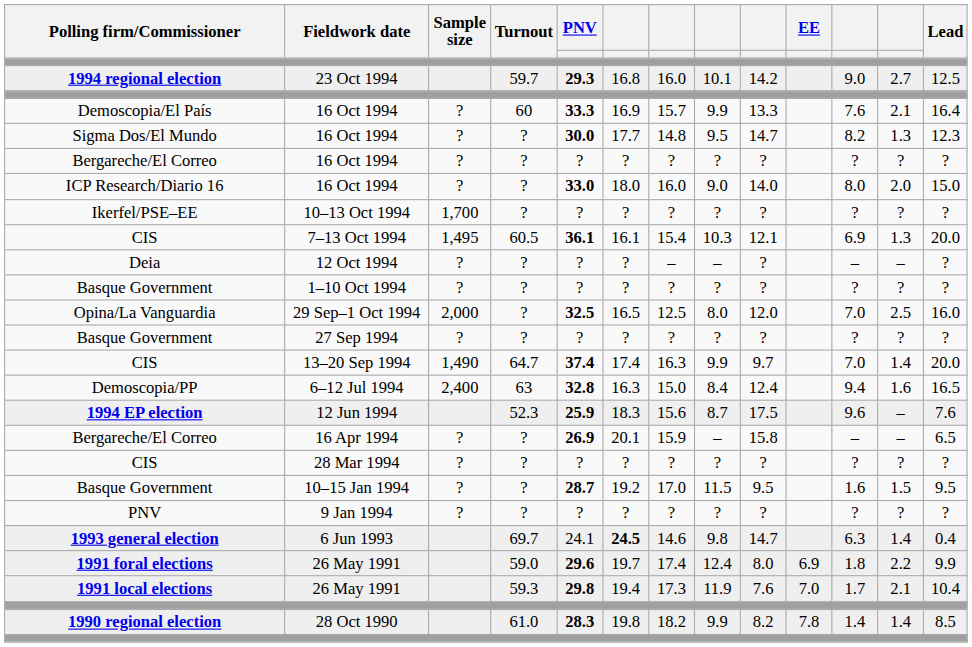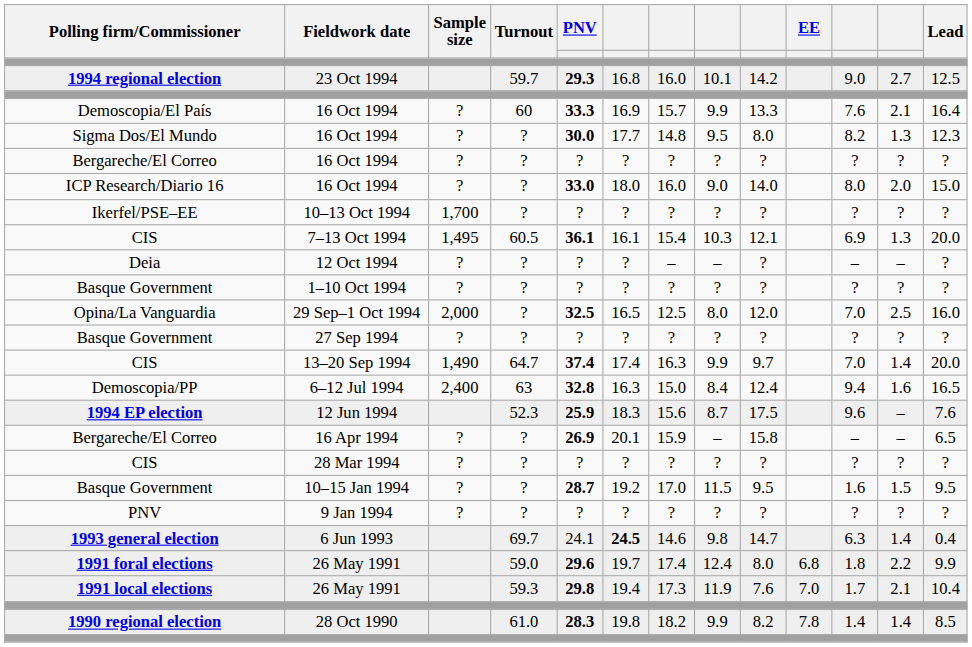 <table class="wikitable collapsible collapsed" style="text-align:center; font-size:95%; line-height:16px;">
 <tr style="height:42px;">
 <th style="width:250px;" rowspan="2">Polling firm/Commissioner</th>
 <th style="width:125px;" rowspan="2">Fieldwork date</th>
 <th style="width:50px;" rowspan="2">Sample size</th>
 <th style="width:45px;" rowspan="2">Turnout</th>
 <th style="width:35px;"><a href='#'>PNV</a></th>
 <th style="width:35px;"></th>
 <th style="width:35px;"></th>
 <th style="width:35px;"></th>
 <th style="width:35px;"></th>
 <th style="width:35px;"><a href='#'>EE</a></th>
 <th style="width:35px;"></th>
 <th style="width:35px;"></th>
 <th style="width:30px;" rowspan="2">Lead</th>
 </tr>
 <tr>
 <th style="color:inherit;background:"></th>
 <th style="color:inherit;background:"></th>
 <th style="color:inherit;background:"></th>
 <th style="color:inherit;background:"></th>
 <th style="color:inherit;background:"></th>
 <th style="color:inherit;background:"></th>
 <th style="color:inherit;background:"></th>
 <th style="color:inherit;background:"></th>
 </tr>
 <tr>
 <td colspan="13" style="background:#A0A0A0"></td>
 </tr>
 <tr style="background:#EFEFEF;">
 <td><strong><a href='#'>1994 regional election</a></strong></td>
 <td>23 Oct 1994</td>
 <td></td>
 <td>59.7</td>
 <td><strong>29.3</strong><br></td>
 <td>16.8<br></td>
 <td>16.0<br></td>
 <td>10.1<br></td>
 <td>14.2<br></td>
 <td></td>
 <td>9.0<br></td>
 <td>2.7<br></td>
 <td style="background:">12.5</td>
 </tr>
 <tr>
 <td colspan="13" style="background:#A0A0A0"></td>
 </tr>
 <tr>
 <td>Demoscopia/El País</td>
 <td>16 Oct 1994</td>
 <td>?</td>
 <td>60</td>
 <td><strong>33.3</strong><br></td>
 <td>16.9<br></td>
 <td>15.7<br></td>
 <td>9.9<br></td>
 <td>13.3<br></td>
 <td></td>
 <td>7.6<br></td>
 <td>2.1<br></td>
 <td style="background:">16.4</td>
 </tr>
 <tr>
 <td>Sigma Dos/El Mundo</td>
 <td>16 Oct 1994</td>
 <td>?</td>
 <td>?</td>
 <td><strong>30.0</strong><br></td>
 <td>17.7<br></td>
 <td>14.8<br></td>
 <td>9.5<br></td>
-<td>14.7<br></td>
+<td>8.0<br></td>
 <td></td>
 <td>8.2<br></td>
 <td>1.3<br></td>
 <td style="background:">12.3</td>
 </tr>
 <tr>
 <td>Bergareche/El Correo</td>
 <td>16 Oct 1994</td>
 <td>?</td>
 <td>?</td>
 <td>?<br></td>
 <td>?<br></td>
 <td>?<br></td>
 <td>?<br></td>
 <td>?<br></td>
 <td></td>
 <td>?<br></td>
 <td>?<br></td>
 <td style="background:">?</td>
 </tr>
 <tr>
 <td>ICP Research/Diario 16</td>
 <td>16 Oct 1994</td>
 <td>?</td>
 <td>?</td>
 <td><strong>33.0</strong><br></td>
 <td>18.0<br></td>
 <td>16.0<br></td>
 <td>9.0<br></td>
 <td>14.0<br></td>
 <td></td>
 <td>8.0<br></td>
 <td>2.0<br></td>
 <td style="background:">15.0</td>
 </tr>
 <tr>
 <td>Ikerfel/PSE–EE</td>
 <td>10–13 Oct 1994</td>
 <td>1,700</td>
 <td>?</td>
 <td>?<br></td>
 <td>?<br></td>
 <td>?<br></td>
 <td>?<br></td>
 <td>?<br></td>
 <td></td>
 <td>?<br></td>
 <td>?<br></td>
 <td style="background:">?</td>
 </tr>
 <tr>
 <td>CIS</td>
 <td>7–13 Oct 1994</td>
 <td>1,495</td>
 <td>60.5</td>
 <td><strong>36.1</strong></td>
 <td>16.1</td>
 <td>15.4</td>
 <td>10.3</td>
 <td>12.1</td>
 <td></td>
 <td>6.9</td>
 <td>1.3</td>
 <td style="background:">20.0</td>
 </tr>
 <tr>
 <td>Deia</td>
 <td>12 Oct 1994</td>
 <td>?</td>
 <td>?</td>
 <td>?<br></td>
 <td>?<br></td>
 <td>–</td>
 <td>–</td>
 <td>?<br></td>
 <td></td>
 <td>–</td>
 <td>–</td>
 <td style="background:">?</td>
 </tr>
 <tr>
 <td>Basque Government</td>
 <td>1–10 Oct 1994</td>
 <td>?</td>
 <td>?</td>
 <td>?<br></td>
 <td>?<br></td>
 <td>?<br></td>
 <td>?<br></td>
 <td>?<br></td>
 <td></td>
 <td>?<br></td>
 <td>?<br></td>
 <td style="background:">?</td>
 </tr>
 <tr>
 <td>Opina/La Vanguardia</td>
 <td>29 Sep–1 Oct 1994</td>
 <td>2,000</td>
 <td>?</td>
 <td><strong>32.5</strong><br></td>
 <td>16.5<br></td>
 <td>12.5<br></td>
 <td>8.0<br></td>
 <td>12.0<br></td>
 <td></td>
 <td>7.0<br></td>
 <td>2.5<br></td>
 <td style="background:">16.0</td>
 </tr>
 <tr>
 <td>Basque Government</td>
 <td>27 Sep 1994</td>
 <td>?</td>
 <td>?</td>
 <td>?<br></td>
 <td>?<br></td>
 <td>?<br></td>
 <td>?<br></td>
 <td>?<br></td>
 <td></td>
 <td>?<br></td>
 <td>?<br></td>
 <td style="background:">?</td>
 </tr>
 <tr>
 <td>CIS</td>
 <td>13–20 Sep 1994</td>
 <td>1,490</td>
 <td>64.7</td>
 <td><strong>37.4</strong></td>
 <td>17.4</td>
 <td>16.3</td>
 <td>9.9</td>
 <td>9.7</td>
 <td></td>
 <td>7.0</td>
 <td>1.4</td>
 <td style="background:">20.0</td>
 </tr>
 <tr>
 <td>Demoscopia/PP</td>
 <td>6–12 Jul 1994</td>
 <td>2,400</td>
 <td>63</td>
 <td><strong>32.8</strong><br></td>
 <td>16.3<br></td>
 <td>15.0<br></td>
 <td>8.4<br></td>
 <td>12.4<br></td>
 <td></td>
 <td>9.4<br></td>
 <td>1.6<br></td>
 <td style="background:">16.5</td>
 </tr>
 <tr style="background:#EFEFEF;">
 <td><strong><a href='#'>1994 EP election</a></strong></td>
 <td>12 Jun 1994</td>
 <td></td>
 <td>52.3</td>
 <td><strong>25.9</strong><br></td>
 <td>18.3<br></td>
 <td>15.6<br></td>
 <td>8.7<br></td>
 <td>17.5<br></td>
 <td></td>
 <td>9.6<br></td>
 <td>–</td>
 <td style="background:">7.6</td>
 </tr>
 <tr>
 <td>Bergareche/El Correo</td>
 <td>16 Apr 1994</td>
 <td>?</td>
 <td>?</td>
 <td><strong>26.9</strong></td>
 <td>20.1</td>
 <td>15.9</td>
 <td>–</td>
 <td>15.8</td>
 <td></td>
 <td>–</td>
 <td>–</td>
 <td style="background:">6.5</td>
 </tr>
 <tr>
 <td>CIS</td>
 <td>28 Mar 1994</td>
 <td>?</td>
 <td>?</td>
 <td>?<br></td>
 <td>?<br></td>
 <td>?<br></td>
 <td>?<br></td>
 <td>?<br></td>
 <td></td>
 <td>?<br></td>
 <td>?<br></td>
 <td style="background:">?</td>
 </tr>
 <tr>
 <td>Basque Government</td>
 <td>10–15 Jan 1994</td>
 <td>?</td>
 <td>?</td>
 <td><strong>28.7</strong><br></td>
 <td>19.2<br></td>
 <td>17.0<br></td>
 <td>11.5<br></td>
 <td>9.5<br></td>
 <td></td>
 <td>1.6<br></td>
 <td>1.5<br></td>
 <td style="background:">9.5</td>
 </tr>
 <tr>
 <td>PNV</td>
 <td>9 Jan 1994</td>
 <td>?</td>
 <td>?</td>
 <td>?<br></td>
 <td>?<br></td>
 <td>?<br></td>
 <td>?<br></td>
 <td>?<br></td>
 <td></td>
 <td>?<br></td>
 <td>?<br></td>
 <td style="background:">?</td>
 </tr>
 <tr style="background:#EFEFEF;">
 <td><strong><a href='#'>1993 general election</a></strong></td>
 <td>6 Jun 1993</td>
 <td></td>
 <td>69.7</td>
 <td>24.1<br></td>
 <td><strong>24.5</strong><br></td>
 <td>14.6<br></td>
 <td>9.8<br></td>
 <td>14.7<br></td>
 <td></td>
 <td>6.3<br></td>
 <td>1.4<br></td>
 <td style="background:">0.4</td>
 </tr>
 <tr style="background:#EFEFEF;">
 <td><strong><a href='#'>1991 foral elections</a></strong></td>
 <td>26 May 1991</td>
 <td></td>
 <td>59.0</td>
 <td><strong>29.6</strong><br></td>
 <td>19.7<br></td>
 <td>17.4<br></td>
 <td>12.4<br></td>
 <td>8.0<br></td>
-<td>6.9<br></td>
+<td>6.8<br></td>
 <td>1.8<br></td>
 <td>2.2<br></td>
 <td style="background:">9.9</td>
 </tr>
 <tr style="background:#EFEFEF;">
 <td><strong><a href='#'>1991 local elections</a></strong></td>
 <td>26 May 1991</td>
 <td></td>
 <td>59.3</td>
 <td><strong>29.8</strong></td>
 <td>19.4</td>
 <td>17.3</td>
 <td>11.9</td>
 <td>7.6</td>
 <td>7.0</td>
 <td>1.7</td>
 <td>2.1</td>
 <td style="background:">10.4</td>
 </tr>
 <tr>
 <td colspan="13" style="background:#A0A0A0"></td>
 </tr>
 <tr style="background:#EFEFEF;">
 <td><strong><a href='#'>1990 regional election</a></strong></td>
 <td>28 Oct 1990</td>
 <td></td>
 <td>61.0</td>
 <td><strong>28.3</strong><br></td>
 <td>19.8<br></td>
 <td>18.2<br></td>
 <td>9.9</td>
 <td>8.2<br></td>
 <td>7.8<br></td>
 <td>1.4<br></td>
 <td>1.4<br></td>
 <td style="background:">8.5</td>
 </tr>
 <tr>
 <td colspan="13" style="background:#A0A0A0"></td>
 </tr>
 </table>
